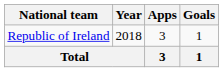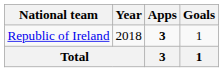 <table class=wikitable style=text-align:center>
 <tr>
 <th>National team</th>
 <th>Year</th>
 <th>Apps</th>
 <th>Goals</th>
 </tr>
 <tr>
 <td><a href='#'>Republic of Ireland</a></td>
 <td>2018</td>
-<td>3</td>
+<td><strong>3</strong></td>
 <td>1</td>
 </tr>
 <tr>
 <th colspan="2">Total</th>
 <th>3</th>
 <th>1</th>
 </tr>
 </table>
